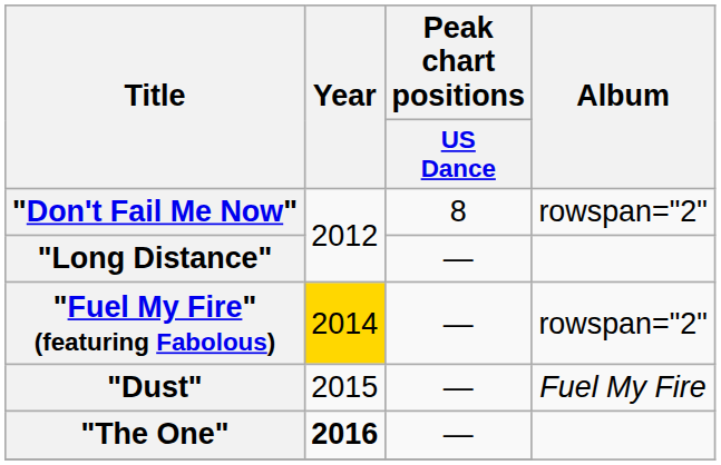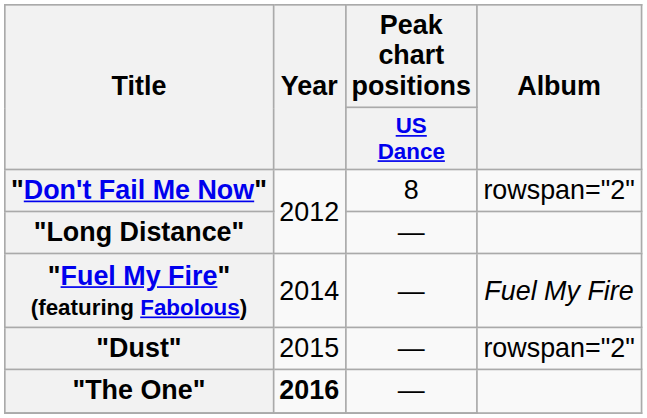 <table class="wikitable plainrowheaders" style="text-align:center;">
 <tr>
 <th scope="col" rowspan="2">Title</th>
 <th scope="col" rowspan="2">Year</th>
 <th scope="col" colspan="1">Peak chart positions</th>
 <th scope="col" rowspan="2">Album</th>
 </tr>
 <tr style="font-size:smaller;">
 <th style="width:45px;"><a href='#'>US <br>Dance</a></th>
 </tr>
 <tr>
 <th scope="row">"<a href='#'>Don't Fail Me Now</a>"</th>
 <td rowspan="2">2012</td>
 <td>8</td>
 <td>rowspan="2" </td>
 </tr>
 <tr>
 <th scope="row">"Long Distance"</th>
 <td>—</td>
 </tr>
 <tr>
 <th scope="row">"<a href='#'>Fuel My Fire</a>"<br><small>(featuring <a href='#'>Fabolous</a>)</small></th>
-<td rowspan="1" style="background: gold;">2014</td>
+<td rowspan="1">2014</td>
 <td>—</td>
-<td>rowspan="2" </td>
+<td><em>Fuel My Fire</em></td>
 </tr>
 <tr>
 <th scope="row">"Dust"</th>
 <td rowspan="1">2015</td>
 <td>—</td>
-<td><em>Fuel My Fire</em></td>
+<td>rowspan="2" </td>
 </tr>
 <tr>
 <th scope="row">"The One"</th>
 <td rowspan="1"><strong>2016</strong></td>
 <td>—</td>
 </tr>
 <tr>
 </tr>
 </table>
